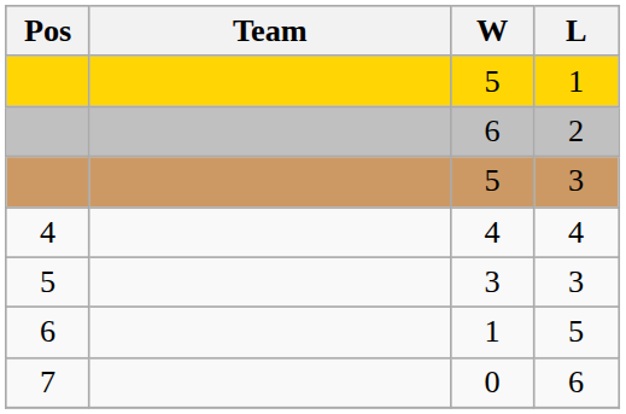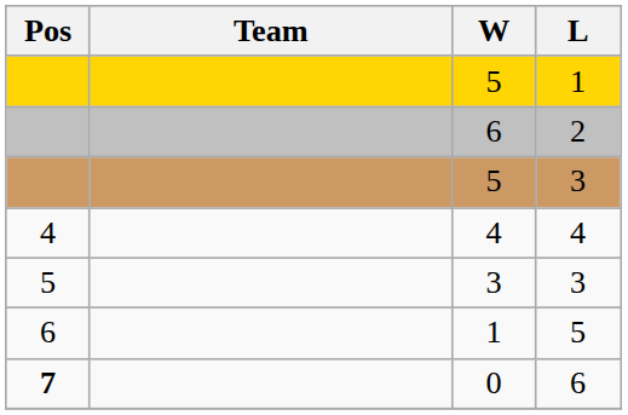 <table class="wikitable gauche" style="text-align:center">
 <tr bgcolor="e5e5e5">
 <th width="35">Pos</th>
 <th width="175">Team</th>
 <th width="35">W</th>
 <th width="35">L</th>
 </tr>
 <tr bgcolor=#FFD604>
 <td></td>
 <td align=left></td>
 <td>5</td>
 <td>1</td>
 </tr>
 <tr bgcolor=#C0C0C0>
 <td></td>
 <td align=left></td>
 <td>6</td>
 <td>2</td>
 </tr>
 <tr bgcolor=#CC9965>
 <td></td>
 <td align=left></td>
 <td>5</td>
 <td>3</td>
 </tr>
 <tr>
 <td>4</td>
 <td align=left></td>
 <td>4</td>
 <td>4</td>
 </tr>
 <tr>
 <td>5</td>
 <td align=left></td>
 <td>3</td>
 <td>3</td>
 </tr>
 <tr>
 <td>6</td>
 <td align=left></td>
 <td>1</td>
 <td>5</td>
 </tr>
 <tr>
-<td>7</td>
+<td><strong>7</strong></td>
 <td align=left></td>
 <td>0</td>
 <td>6</td>
 </tr>
 <tr>
 </tr>
 </table>
